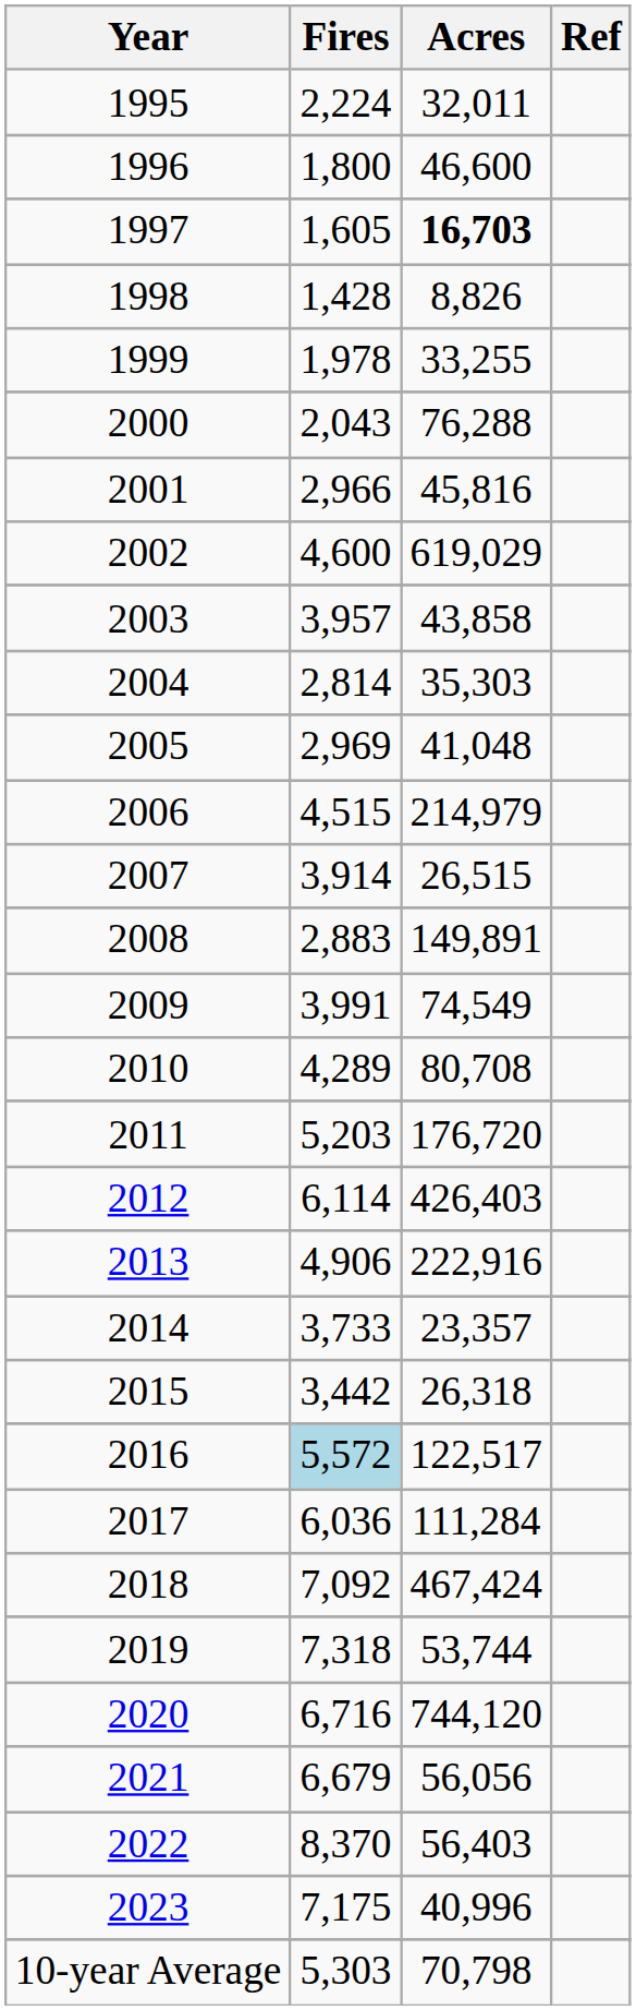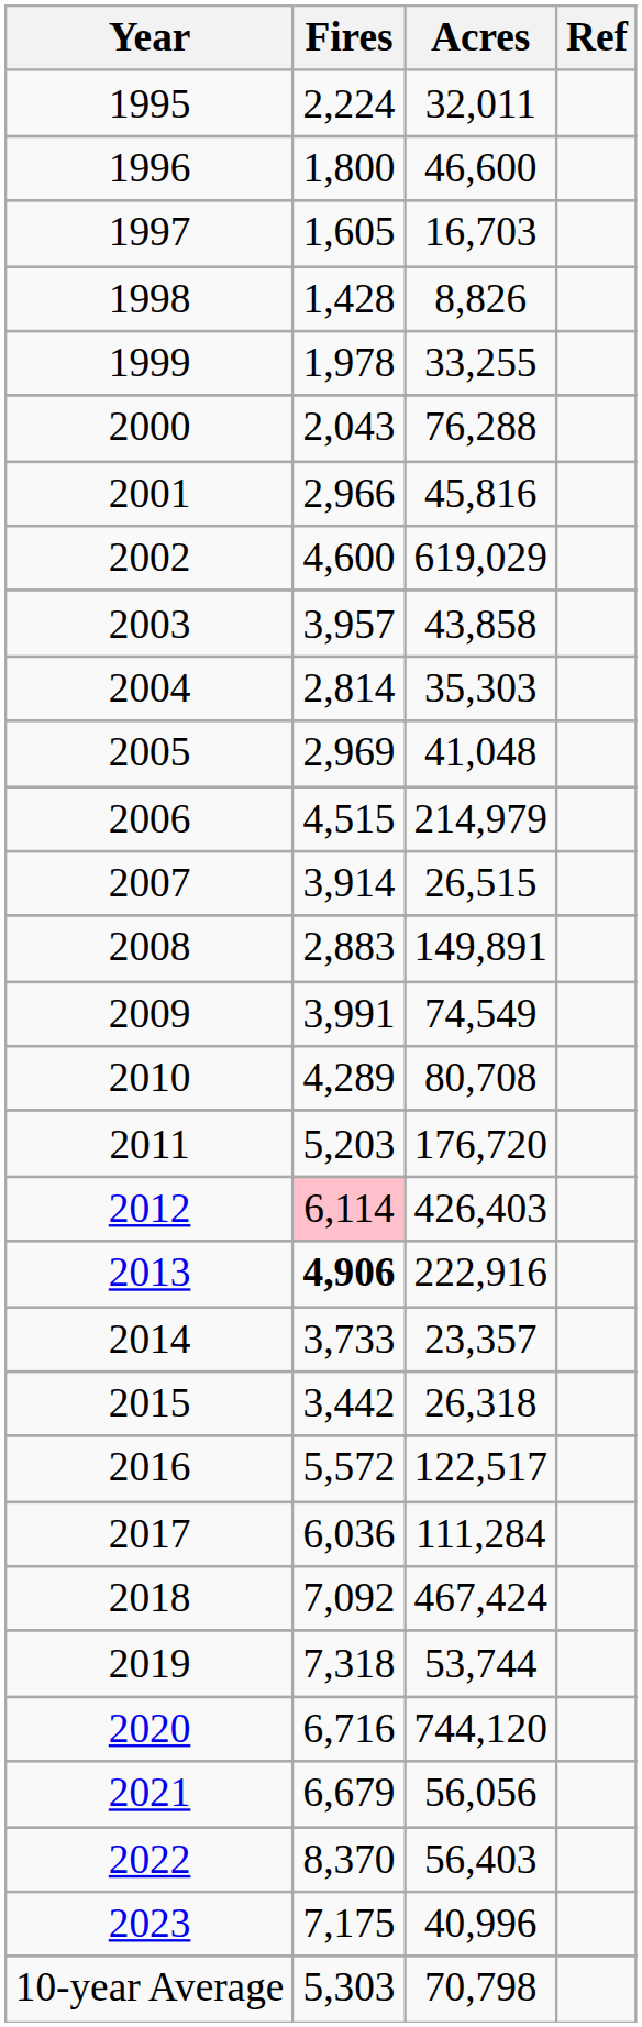 <table class="wikitable sortable" style="text-align:center;">
 <tr>
 <th>Year</th>
 <th>Fires</th>
 <th>Acres</th>
 <th>Ref</th>
 </tr>
 <tr>
 <td>1995</td>
 <td>2,224</td>
 <td>32,011</td>
 <td></td>
 </tr>
 <tr>
 </tr>
 <tr>
 <td>1996</td>
 <td>1,800</td>
 <td>46,600</td>
 <td></td>
 </tr>
 <tr>
 </tr>
 <tr>
 <td>1997</td>
 <td>1,605</td>
-<td><strong>16,703</strong></td>
+<td>16,703</td>
 <td></td>
 </tr>
 <tr>
 </tr>
 <tr>
 <td>1998</td>
 <td>1,428</td>
 <td>8,826</td>
 <td></td>
 </tr>
 <tr>
 </tr>
 <tr>
 <td>1999</td>
 <td>1,978</td>
 <td>33,255</td>
 <td></td>
 </tr>
 <tr>
 </tr>
 <tr>
 <td>2000</td>
 <td>2,043</td>
 <td>76,288</td>
 <td></td>
 </tr>
 <tr>
 </tr>
 <tr>
 <td>2001</td>
 <td>2,966</td>
 <td>45,816</td>
 <td></td>
 </tr>
 <tr>
 </tr>
 <tr>
 <td>2002</td>
 <td>4,600</td>
 <td>619,029</td>
 <td></td>
 </tr>
 <tr>
 </tr>
 <tr>
 <td>2003</td>
 <td>3,957</td>
 <td>43,858</td>
 <td></td>
 </tr>
 <tr>
 </tr>
 <tr>
 <td>2004</td>
 <td>2,814</td>
 <td>35,303</td>
 <td></td>
 </tr>
 <tr>
 </tr>
 <tr>
 <td>2005</td>
 <td>2,969</td>
 <td>41,048</td>
 <td></td>
 </tr>
 <tr>
 </tr>
 <tr>
 <td>2006</td>
 <td>4,515</td>
 <td>214,979</td>
 <td></td>
 </tr>
 <tr>
 </tr>
 <tr>
 <td>2007</td>
 <td>3,914</td>
 <td>26,515</td>
 <td></td>
 </tr>
 <tr>
 </tr>
 <tr>
 <td>2008</td>
 <td>2,883</td>
 <td>149,891</td>
 <td></td>
 </tr>
 <tr>
 </tr>
 <tr>
 <td>2009</td>
 <td>3,991</td>
 <td>74,549</td>
 <td></td>
 </tr>
 <tr>
 </tr>
 <tr>
 <td>2010</td>
 <td>4,289</td>
 <td>80,708</td>
 <td></td>
 </tr>
 <tr>
 </tr>
 <tr>
 <td>2011</td>
 <td>5,203</td>
 <td>176,720</td>
 <td></td>
 </tr>
 <tr>
 </tr>
 <tr>
 <td><a href='#'>2012</a></td>
-<td>6,114</td>
+<td style="background: pink;">6,114</td>
 <td>426,403</td>
 <td></td>
 </tr>
 <tr>
 </tr>
 <tr>
 <td><a href='#'>2013</a></td>
-<td>4,906</td>
+<td><strong>4,906</strong></td>
 <td>222,916</td>
 <td></td>
 </tr>
 <tr>
 </tr>
 <tr>
 <td>2014</td>
 <td>3,733</td>
 <td>23,357</td>
 <td></td>
 </tr>
 <tr>
 </tr>
 <tr>
 <td>2015</td>
 <td>3,442</td>
 <td>26,318</td>
 <td></td>
 </tr>
 <tr>
 </tr>
 <tr>
 <td>2016</td>
-<td style="background: lightblue;">5,572</td>
+<td>5,572</td>
 <td>122,517</td>
 <td></td>
 </tr>
 <tr>
 </tr>
 <tr>
 <td>2017</td>
 <td>6,036</td>
 <td>111,284</td>
 <td></td>
 </tr>
 <tr>
 </tr>
 <tr>
 <td>2018</td>
 <td>7,092</td>
 <td>467,424</td>
 <td></td>
 </tr>
 <tr>
 </tr>
 <tr>
 <td>2019</td>
 <td>7,318</td>
 <td>53,744</td>
 <td></td>
 </tr>
 <tr>
 </tr>
 <tr>
 <td><a href='#'>2020</a></td>
 <td>6,716</td>
 <td>744,120</td>
 <td></td>
 </tr>
 <tr>
 </tr>
 <tr>
 <td><a href='#'>2021</a></td>
 <td>6,679</td>
 <td>56,056</td>
 <td></td>
 </tr>
 <tr>
 </tr>
 <tr>
 <td><a href='#'>2022</a></td>
 <td>8,370</td>
 <td>56,403</td>
 <td></td>
 </tr>
 <tr>
 </tr>
 <tr>
 <td><a href='#'>2023</a></td>
 <td>7,175</td>
 <td>40,996</td>
 <td></td>
 </tr>
 <tr>
 </tr>
 <tr>
 <td>10-year Average</td>
 <td>5,303</td>
 <td>70,798</td>
 <td></td>
 </tr>
 </table>
